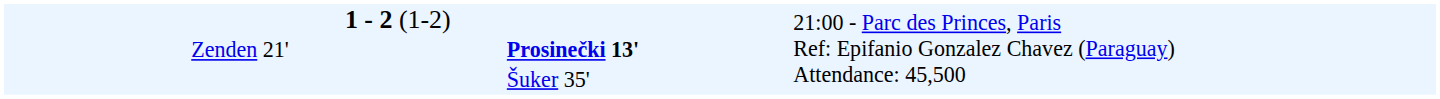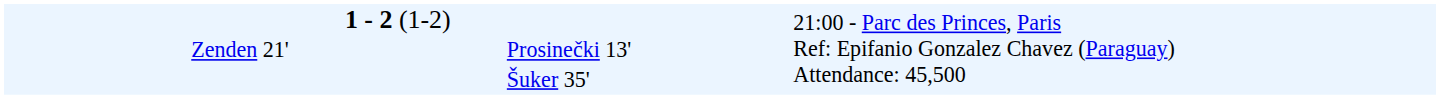 <table cellspacing=0 width=100% style=background:#EBF5FF>
 <tr>
 <td width="20%" align="right"><strong></strong></td>
 <td align="center" width=15%><strong>1 - 2</strong> (1-2)</td>
 <td width="20%"><strong></strong></td>
 <td style=font-size:85% rowspan=3>21:00 - <a href='#'>Parc des Princes</a>, <a href='#'>Paris</a><br>Ref: Epifanio Gonzalez Chavez (<a href='#'>Paraguay</a>)<br>Attendance: 45,500</td>
 </tr>
 <tr style=font-size:85%>
 <td align="right"><a href='#'>Zenden</a> 21'</td>
 <td></td>
-<td><strong><a href='#'>Prosinečki</a> 13'</strong></td>
+<td><a href='#'>Prosinečki</a> 13'</td>
 </tr>
 <tr style=font-size:85%>
 <td></td>
 <td></td>
 <td><a href='#'>Šuker</a> 35'</td>
 </tr>
 </table>
